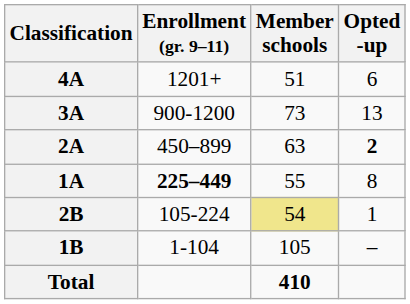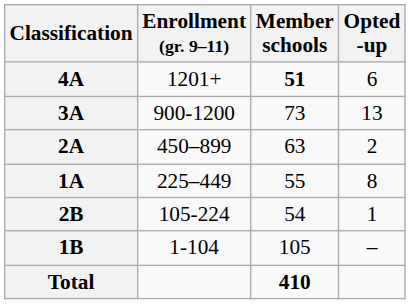 <table class="wikitable" style="text-align: center;">
 <tr>
 <th>Classification</th>
 <th>Enrollment<br><small>(gr. 9–11)</small></th>
 <th>Member<br>schools</th>
 <th>Opted<br>-up</th>
 </tr>
 <tr>
 <th>4A</th>
 <td>1201+</td>
-<td>51</td>
+<td><strong>51</strong></td>
 <td>6</td>
 </tr>
 <tr>
 <th>3A</th>
 <td>900-1200</td>
 <td>73</td>
 <td>13</td>
 </tr>
 <tr>
 <th>2A</th>
 <td>450–899</td>
 <td>63</td>
-<td><strong>2</strong></td>
+<td>2</td>
 </tr>
 <tr>
 <th>1A</th>
-<td><strong>225–449</strong></td>
+<td>225–449</td>
 <td>55</td>
 <td>8</td>
 </tr>
 <tr>
 <th>2B</th>
 <td>105-224</td>
-<td style="background: khaki;">54</td>
+<td>54</td>
 <td>1</td>
 </tr>
 <tr>
 <th>1B</th>
 <td>1-104</td>
 <td>105</td>
 <td>–</td>
 </tr>
 <tr>
 <th>Total</th>
 <td colspan=1></td>
 <td><strong>410</strong></td>
 </tr>
 </table>
